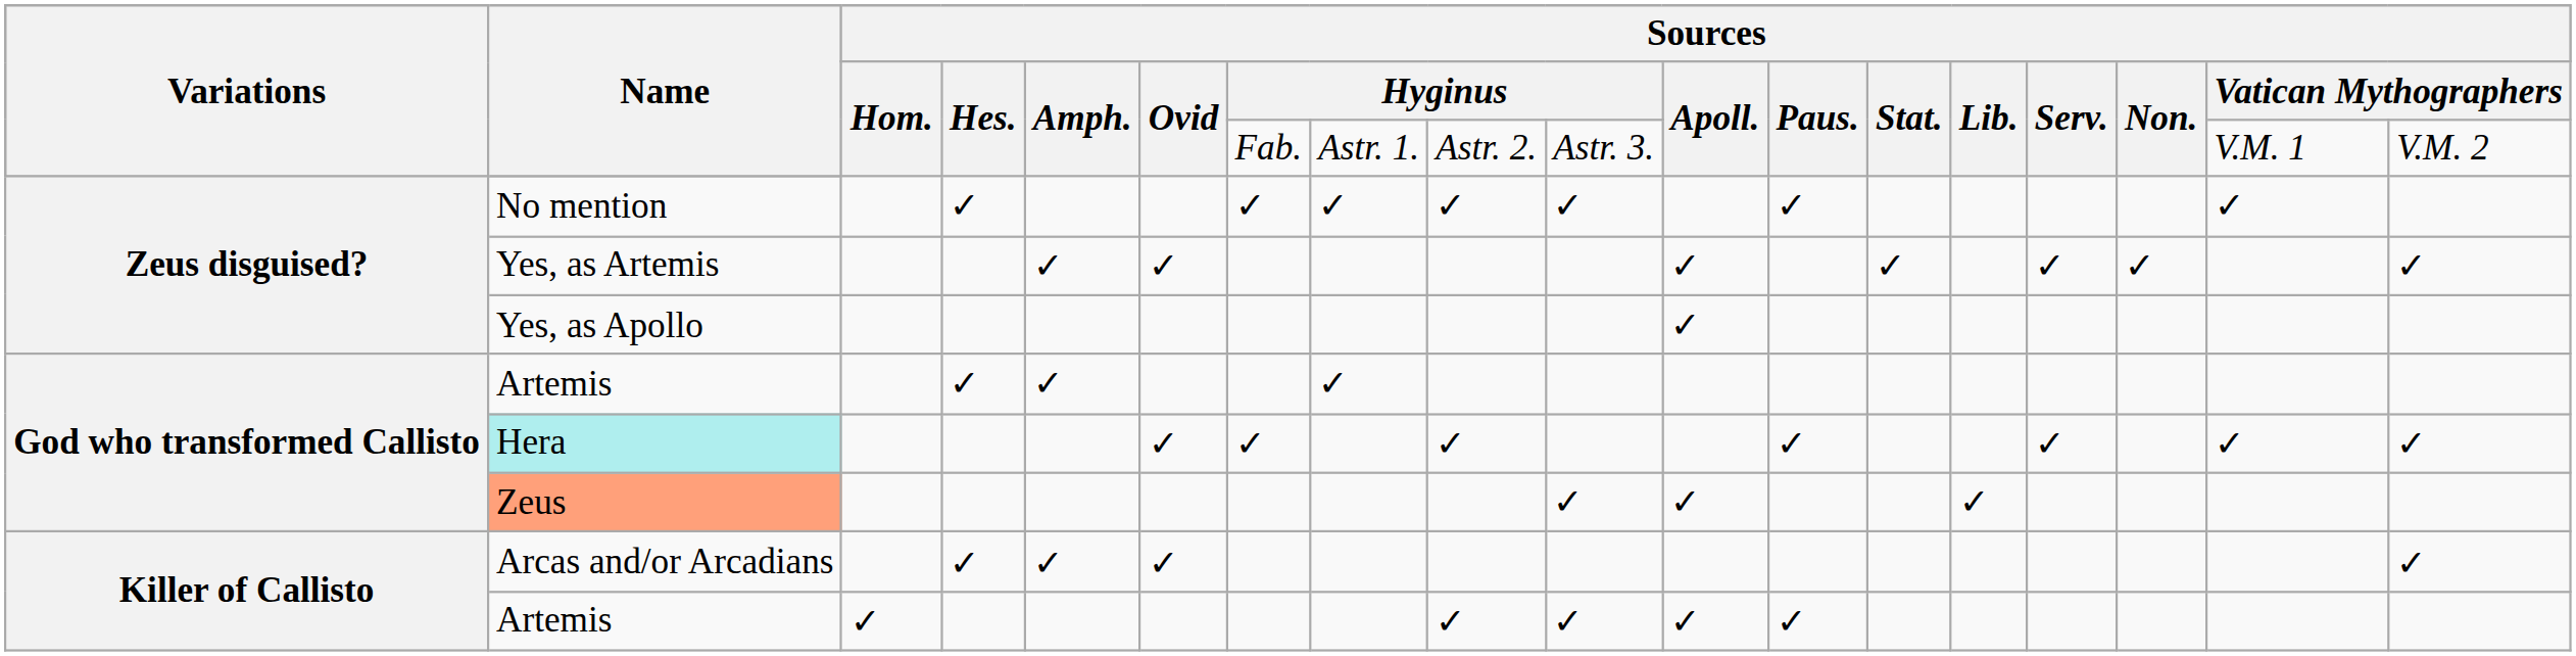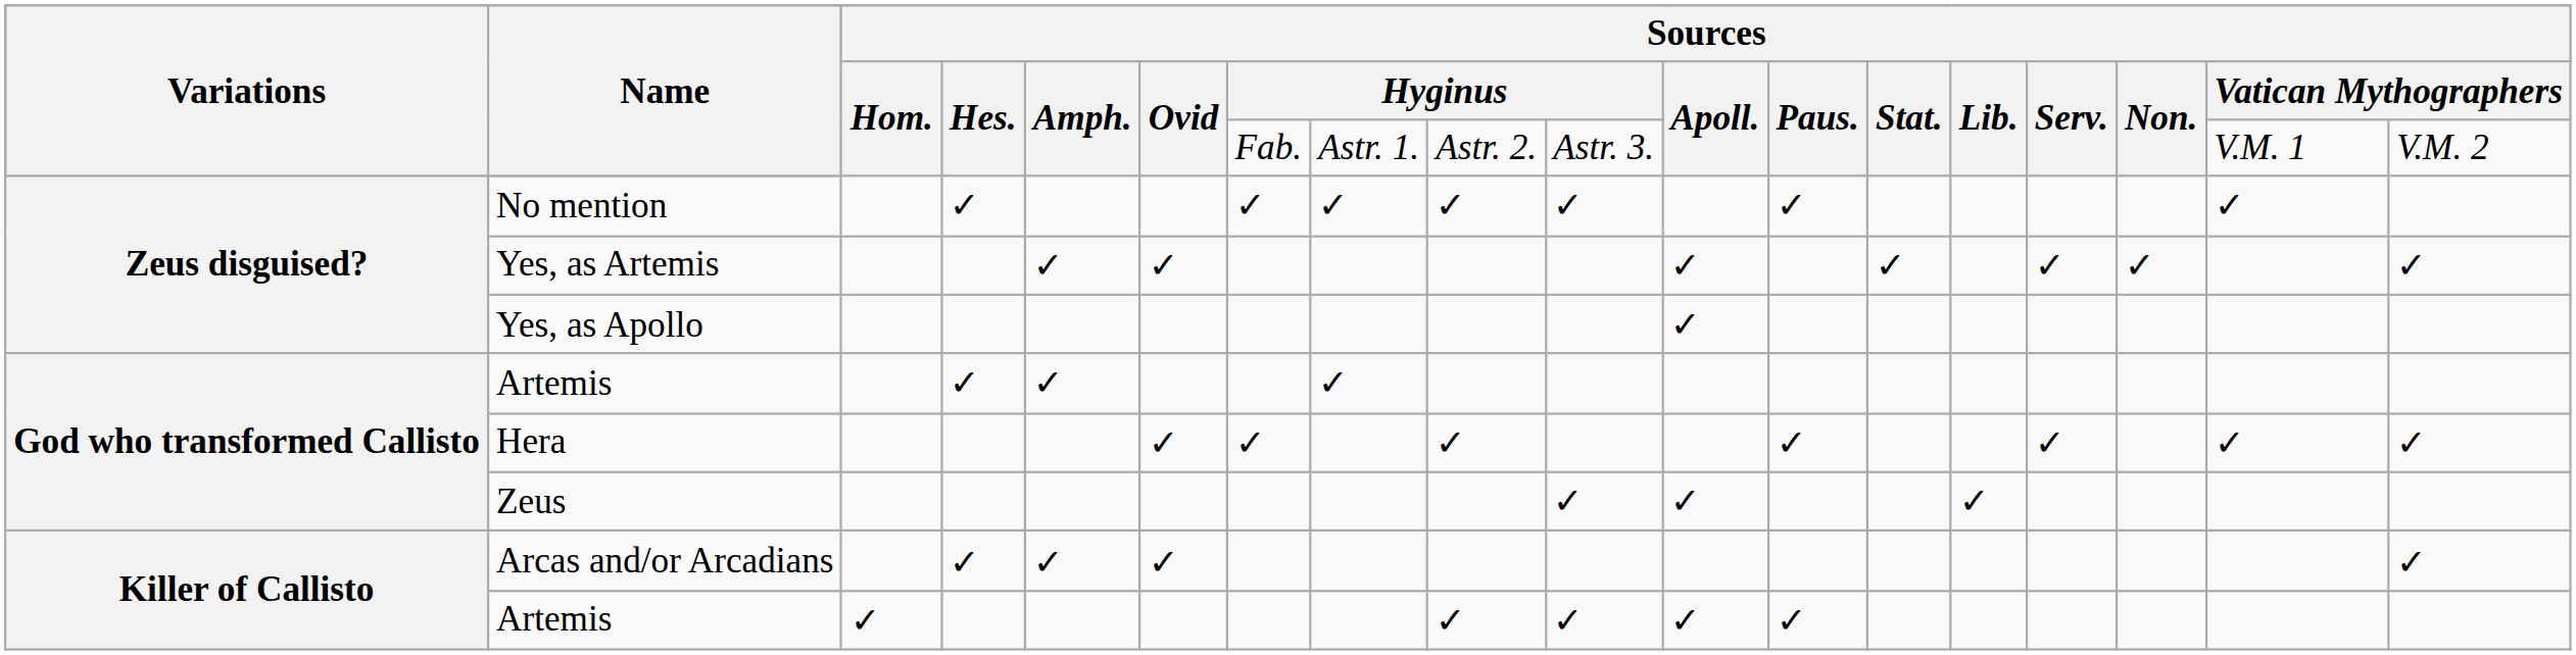 <table class="wikitable">
 <tr bgcolor="#505050">
 <th rowspan="3">Variations</th>
 <th rowspan="3">Name</th>
 <th colspan="16">Sources</th>
 </tr>
 <tr>
 <th rowspan="2"><em>Hom.</em></th>
 <th rowspan="2"><em>Hes.</em></th>
 <th rowspan="2"><em>Amph.</em></th>
 <th rowspan="2"><em>Ovid</em></th>
 <th colspan="4"><em>Hyginus</em></th>
 <th rowspan="2"><em>Apoll.</em></th>
 <th rowspan="2"><em>Paus.</em></th>
 <th rowspan="2"><em>Stat.</em></th>
 <th rowspan="2"><em>Lib.</em></th>
 <th rowspan="2"><em>Serv.</em></th>
 <th rowspan="2"><em>Non.</em></th>
 <th colspan="2"><em>Vatican Mythographers</em></th>
 </tr>
 <tr>
 <td><em>Fab.</em></td>
 <td><em>Astr. 1.</em></td>
 <td><em>Astr. 2.</em></td>
 <td><em>Astr. 3.</em></td>
 <td><em>V.M. 1</em></td>
 <td><em>V.M. 2</em></td>
 </tr>
 <tr>
 <th rowspan="3">Zeus disguised?</th>
 <td>No mention</td>
 <td></td>
 <td>✓</td>
 <td></td>
 <td></td>
 <td>✓</td>
 <td>✓</td>
 <td>✓</td>
 <td>✓</td>
 <td></td>
 <td>✓</td>
 <td></td>
 <td></td>
 <td></td>
 <td></td>
 <td>✓</td>
 <td></td>
 </tr>
 <tr>
 <td>Yes, as Artemis</td>
 <td></td>
 <td></td>
 <td>✓</td>
 <td>✓</td>
 <td></td>
 <td></td>
 <td></td>
 <td></td>
 <td>✓</td>
 <td></td>
 <td>✓</td>
 <td></td>
 <td>✓</td>
 <td>✓</td>
 <td></td>
 <td>✓</td>
 </tr>
 <tr>
 <td>Yes, as Apollo</td>
 <td></td>
 <td></td>
 <td></td>
 <td></td>
 <td></td>
 <td></td>
 <td></td>
 <td></td>
 <td>✓</td>
 <td></td>
 <td></td>
 <td></td>
 <td></td>
 <td></td>
 <td></td>
 <td></td>
 </tr>
 <tr>
 <th rowspan="3">God who transformed Callisto</th>
 <td>Artemis</td>
 <td></td>
 <td>✓</td>
 <td>✓</td>
 <td></td>
 <td></td>
 <td>✓</td>
 <td></td>
 <td></td>
 <td></td>
 <td></td>
 <td></td>
 <td></td>
 <td></td>
 <td></td>
 <td></td>
 <td></td>
 </tr>
 <tr>
-<td style="background: paleturquoise;">Hera</td>
+<td>Hera</td>
 <td></td>
 <td></td>
 <td></td>
 <td>✓</td>
 <td>✓</td>
 <td></td>
 <td>✓</td>
 <td></td>
 <td></td>
 <td>✓</td>
 <td></td>
 <td></td>
 <td>✓</td>
 <td></td>
 <td>✓</td>
 <td>✓</td>
 </tr>
 <tr>
-<td style="background: lightsalmon;">Zeus</td>
+<td>Zeus</td>
 <td></td>
 <td></td>
 <td></td>
 <td></td>
 <td></td>
 <td></td>
 <td></td>
 <td>✓</td>
 <td>✓</td>
 <td></td>
 <td></td>
 <td>✓</td>
 <td></td>
 <td></td>
 <td></td>
 <td></td>
 </tr>
 <tr>
 <th rowspan="2">Killer of Callisto</th>
 <td>Arcas and/or Arcadians</td>
 <td></td>
 <td>✓</td>
 <td>✓</td>
 <td>✓</td>
 <td></td>
 <td></td>
 <td></td>
 <td></td>
 <td></td>
 <td></td>
 <td></td>
 <td></td>
 <td></td>
 <td></td>
 <td></td>
 <td>✓</td>
 </tr>
 <tr>
 <td>Artemis</td>
 <td>✓</td>
 <td></td>
 <td></td>
 <td></td>
 <td></td>
 <td></td>
 <td>✓</td>
 <td>✓</td>
 <td>✓</td>
 <td>✓</td>
 <td></td>
 <td></td>
 <td></td>
 <td></td>
 <td></td>
 <td></td>
 </tr>
 </table>
